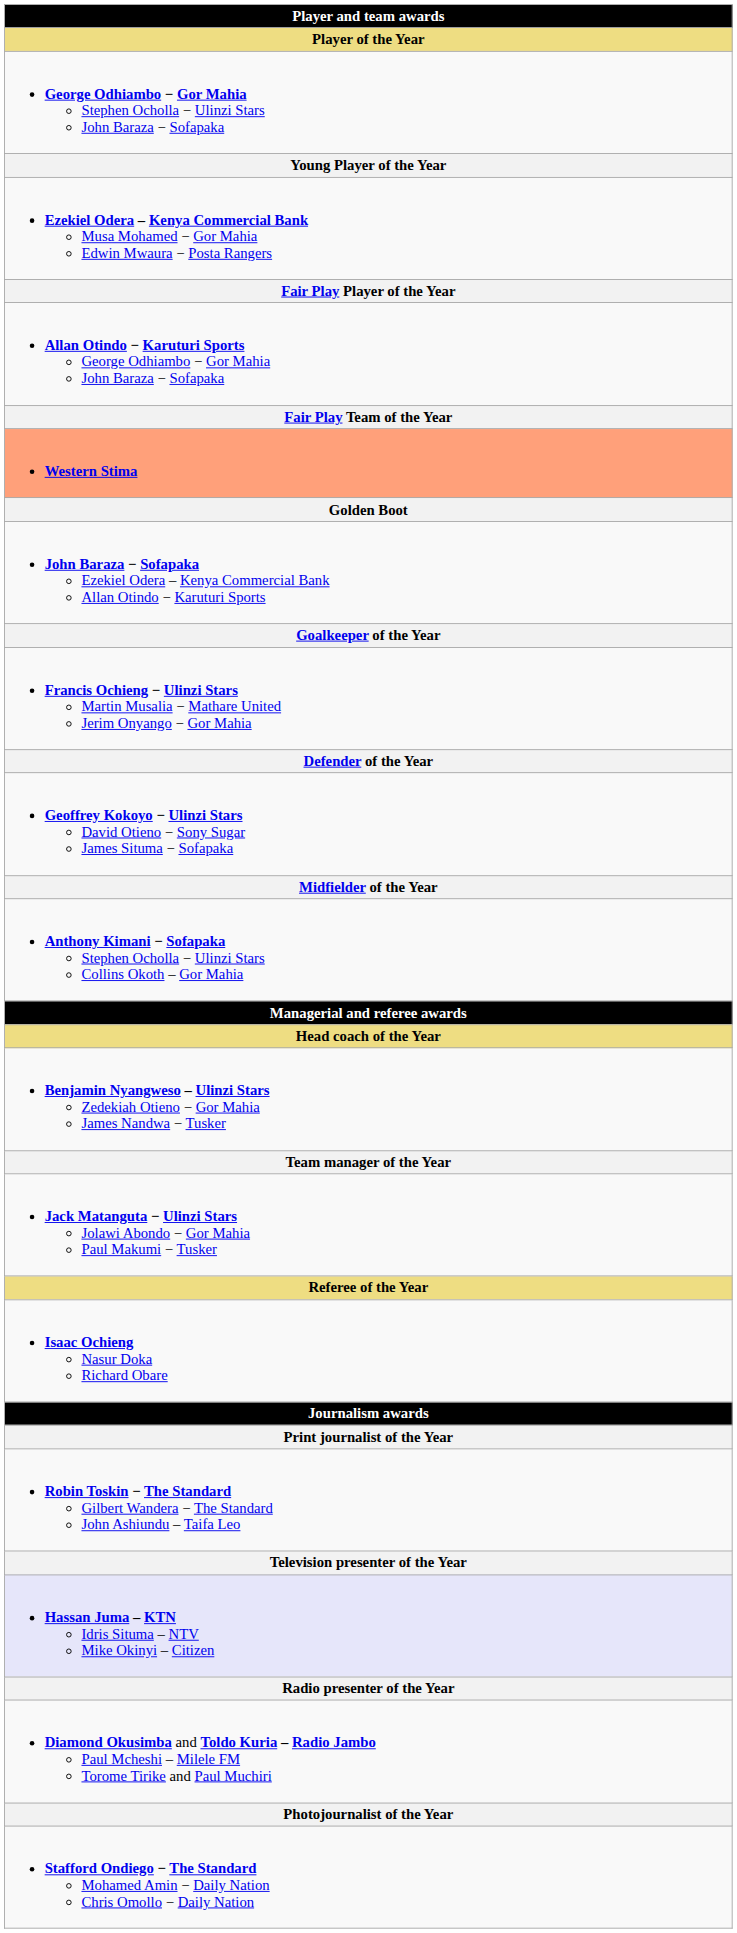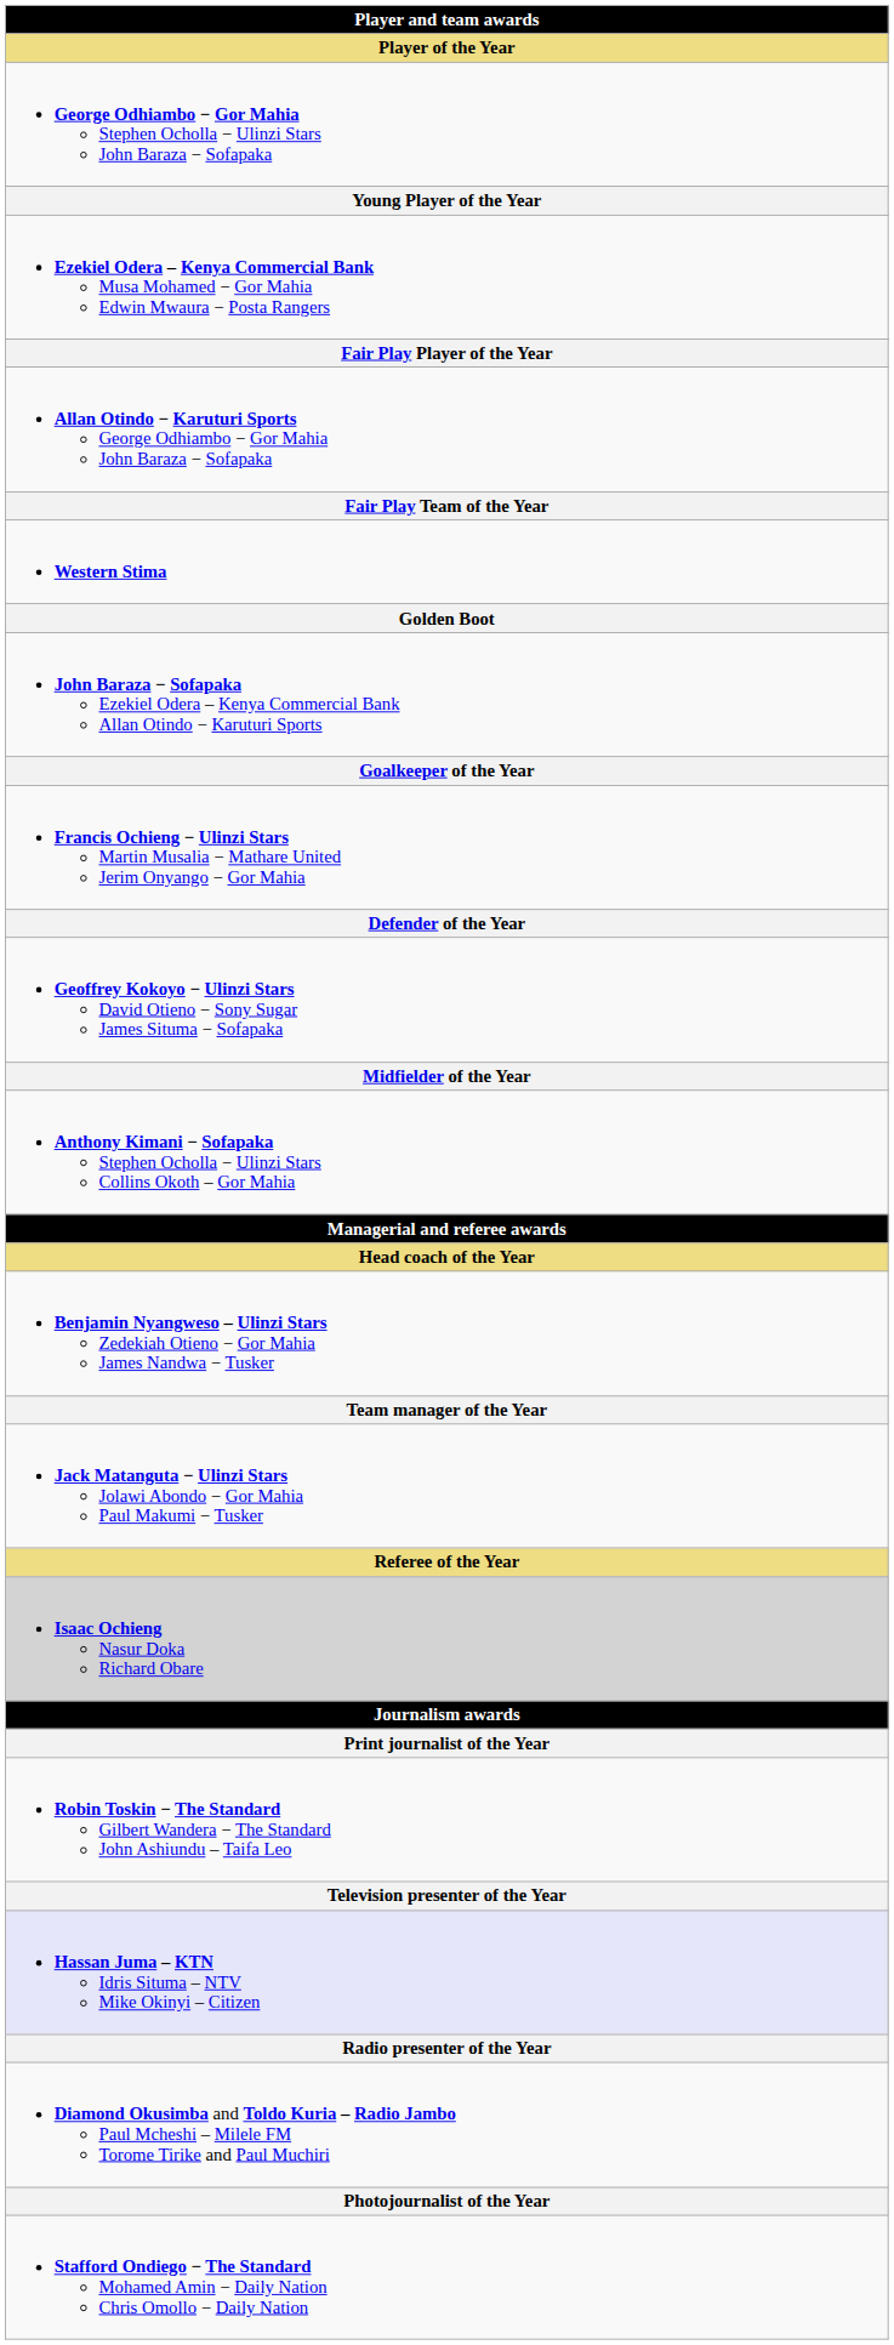 <table class="wikitable" width="50%">
 <tr>
 <th style="background:#000000; color: #FFFFFF">Player and team awards</th>
 </tr>
 <tr>
 <th style="background:#EEDD82;">Player of the Year</th>
 </tr>
 <tr>
 <td valign="top"><br><ul><li><strong> <a href='#'>George Odhiambo</a> − <a href='#'>Gor Mahia</a></strong><ul><li> <a href='#'>Stephen Ocholla</a> − <a href='#'>Ulinzi Stars</a></li><li> <a href='#'>John Baraza</a> − <a href='#'>Sofapaka</a></li></ul></li></ul></td>
 </tr>
 <tr>
 <th>Young Player of the Year</th>
 </tr>
 <tr>
 <td valign="top"><br><ul><li><strong> <a href='#'>Ezekiel Odera</a> – <a href='#'>Kenya Commercial Bank</a></strong><ul><li> <a href='#'>Musa Mohamed</a> − <a href='#'>Gor Mahia</a></li><li> <a href='#'>Edwin Mwaura</a> − <a href='#'>Posta Rangers</a></li></ul></li></ul></td>
 </tr>
 <tr>
 <th><a href='#'>Fair Play</a> Player of the Year</th>
 </tr>
 <tr>
 <td valign="top"><br><ul><li><strong> <a href='#'>Allan Otindo</a> − <a href='#'>Karuturi Sports</a></strong><ul><li> <a href='#'>George Odhiambo</a> − <a href='#'>Gor Mahia</a></li><li> <a href='#'>John Baraza</a> − <a href='#'>Sofapaka</a></li></ul></li></ul></td>
 </tr>
 <tr>
 <th><a href='#'>Fair Play</a> Team of the Year</th>
 </tr>
 <tr>
-<td valign="top" style="background: lightsalmon;"><br><ul><li><strong><a href='#'>Western Stima</a></strong></li></ul></td>
+<td valign="top"><br><ul><li><strong><a href='#'>Western Stima</a></strong></li></ul></td>
 </tr>
 <tr>
 <th>Golden Boot</th>
 </tr>
 <tr>
 <td valign="top"><br><ul><li><strong> <a href='#'>John Baraza</a> − <a href='#'>Sofapaka</a></strong><ul><li> <a href='#'>Ezekiel Odera</a> – <a href='#'>Kenya Commercial Bank</a></li><li> <a href='#'>Allan Otindo</a> − <a href='#'>Karuturi Sports</a></li></ul></li></ul></td>
 </tr>
 <tr>
 <th><a href='#'>Goalkeeper</a> of the Year</th>
 </tr>
 <tr>
 <td valign="top"><br><ul><li><strong> <a href='#'>Francis Ochieng</a> − <a href='#'>Ulinzi Stars</a></strong><ul><li> <a href='#'>Martin Musalia</a> − <a href='#'>Mathare United</a></li><li> <a href='#'>Jerim Onyango</a> − <a href='#'>Gor Mahia</a></li></ul></li></ul></td>
 </tr>
 <tr>
 <th><a href='#'>Defender</a> of the Year</th>
 </tr>
 <tr>
 <td valign="top"><br><ul><li><strong> <a href='#'>Geoffrey Kokoyo</a> − <a href='#'>Ulinzi Stars</a></strong><ul><li> <a href='#'>David Otieno</a> − <a href='#'>Sony Sugar</a></li><li> <a href='#'>James Situma</a> − <a href='#'>Sofapaka</a></li></ul></li></ul></td>
 </tr>
 <tr>
 <th><a href='#'>Midfielder</a> of the Year</th>
 </tr>
 <tr>
 <td valign="top"><br><ul><li><strong> <a href='#'>Anthony Kimani</a> − <a href='#'>Sofapaka</a></strong><ul><li> <a href='#'>Stephen Ocholla</a> − <a href='#'>Ulinzi Stars</a></li><li> <a href='#'>Collins Okoth</a> – <a href='#'>Gor Mahia</a></li></ul></li></ul></td>
 </tr>
 <tr>
 <th style="background:#000000; color: #FFFFFF">Managerial and referee awards</th>
 </tr>
 <tr>
 <th style="background:#EEDD82;">Head coach of the Year</th>
 </tr>
 <tr>
 <td valign="top"><br><ul><li><strong> <a href='#'>Benjamin Nyangweso</a> – <a href='#'>Ulinzi Stars</a></strong><ul><li> <a href='#'>Zedekiah Otieno</a> − <a href='#'>Gor Mahia</a></li><li> <a href='#'>James Nandwa</a> − <a href='#'>Tusker</a></li></ul></li></ul></td>
 </tr>
 <tr>
 <th>Team manager of the Year</th>
 </tr>
 <tr>
 <td valign="top"><br><ul><li><strong> <a href='#'>Jack Matanguta</a> − <a href='#'>Ulinzi Stars</a></strong><ul><li> <a href='#'>Jolawi Abondo</a> − <a href='#'>Gor Mahia</a></li><li> <a href='#'>Paul Makumi</a> − <a href='#'>Tusker</a></li></ul></li></ul></td>
 </tr>
 <tr>
 <th style="background:#EEDD82;">Referee of the Year</th>
 </tr>
 <tr>
-<td valign="top"><br><ul><li><strong><a href='#'>Isaac Ochieng</a></strong><ul><li><a href='#'>Nasur Doka</a></li><li><a href='#'>Richard Obare</a></li></ul></li></ul></td>
+<td valign="top" style="background: lightgrey;"><br><ul><li><strong><a href='#'>Isaac Ochieng</a></strong><ul><li><a href='#'>Nasur Doka</a></li><li><a href='#'>Richard Obare</a></li></ul></li></ul></td>
 </tr>
 <tr>
 <th style="background:#000000; color: #FFFFFF">Journalism awards</th>
 </tr>
 <tr>
 <th>Print journalist of the Year</th>
 </tr>
 <tr>
 <td valign="top"><br><ul><li><strong> <a href='#'>Robin Toskin</a> − <a href='#'>The Standard</a></strong><ul><li> <a href='#'>Gilbert Wandera</a> − <a href='#'>The Standard</a></li><li> <a href='#'>John Ashiundu</a> – <a href='#'>Taifa Leo</a></li></ul></li></ul></td>
 </tr>
 <tr>
 <th>Television presenter of the Year</th>
 </tr>
 <tr>
 <td valign="top" style="background: lavender;"><br><ul><li><strong> <a href='#'>Hassan Juma</a> – <a href='#'>KTN</a></strong><ul><li> <a href='#'>Idris Situma</a> – <a href='#'>NTV</a></li><li> <a href='#'>Mike Okinyi</a> – <a href='#'>Citizen</a></li></ul></li></ul></td>
 </tr>
 <tr>
 <th>Radio presenter of the Year</th>
 </tr>
 <tr>
 <td valign="top"><br><ul><li><strong> <a href='#'>Diamond Okusimba</a></strong> and <strong> <a href='#'>Toldo Kuria</a> – <a href='#'>Radio Jambo</a></strong><ul><li> <a href='#'>Paul Mcheshi</a> – <a href='#'>Milele FM</a></li><li> <a href='#'>Torome Tirike</a> and  <a href='#'>Paul Muchiri</a></li></ul></li></ul></td>
 </tr>
 <tr>
 <th>Photojournalist of the Year</th>
 </tr>
 <tr>
 <td valign="top"><br><ul><li><strong> <a href='#'>Stafford Ondiego</a> − <a href='#'>The Standard</a></strong><ul><li> <a href='#'>Mohamed Amin</a> − <a href='#'>Daily Nation</a></li><li> <a href='#'>Chris Omollo</a> − <a href='#'>Daily Nation</a></li></ul></li></ul></td>
 </tr>
 </table>
